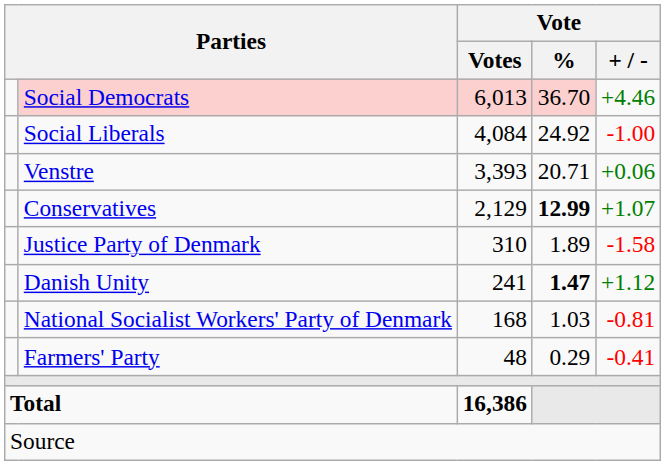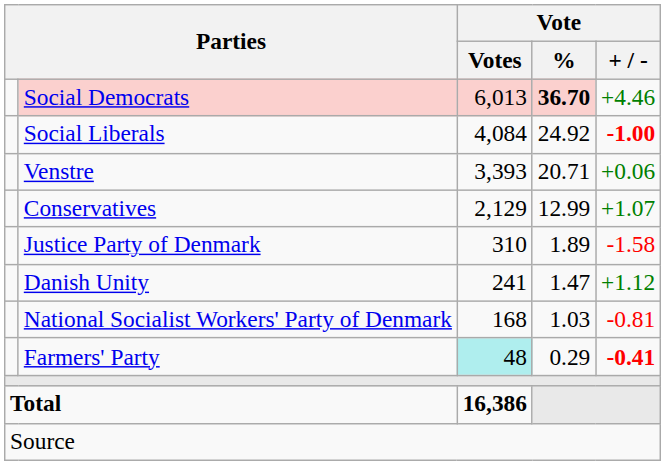 <table class="wikitable" style="text-align:right;">
 <tr>
 <th style="text-align:centre;" rowspan="2" colspan="2" width="225">Parties</th>
 <th colspan="3">Vote</th>
 </tr>
 <tr>
 <th width="15">Votes</th>
 <th width="15">%</th>
 <th width="15">+ / -</th>
 </tr>
 <tr>
 <td width="2" style="color:inherit;background:"></td>
 <td bgcolor=#fbd0ce  align="left"><a href='#'>Social Democrats</a></td>
 <td bgcolor=#fbd0ce>6,013</td>
-<td bgcolor=#fbd0ce>36.70</td>
+<td bgcolor=#fbd0ce><strong>36.70</strong></td>
 <td style=color:green;>+4.46</td>
 </tr>
 <tr>
 <td width="2" style="color:inherit;background:"></td>
 <td align="left"><a href='#'>Social Liberals</a></td>
 <td>4,084</td>
 <td>24.92</td>
-<td style=color:red;>-1.00</td>
+<td style=color:red;><strong>-1.00</strong></td>
 </tr>
 <tr>
 <td width="2" style="color:inherit;background:"></td>
 <td align="left"><a href='#'>Venstre</a></td>
 <td>3,393</td>
 <td>20.71</td>
 <td style=color:green;>+0.06</td>
 </tr>
 <tr>
 <td width="2" style="color:inherit;background:"></td>
 <td align="left"><a href='#'>Conservatives</a></td>
 <td>2,129</td>
-<td><strong>12.99</strong></td>
+<td>12.99</td>
 <td style=color:green;>+1.07</td>
 </tr>
 <tr>
 <td width="2" style="color:inherit;background:"></td>
 <td align="left"><a href='#'>Justice Party of Denmark</a></td>
 <td>310</td>
 <td>1.89</td>
 <td style=color:red;>-1.58</td>
 </tr>
 <tr>
 <td width="2" style="color:inherit;background:"></td>
 <td align="left"><a href='#'>Danish Unity</a></td>
 <td>241</td>
-<td><strong>1.47</strong></td>
+<td>1.47</td>
 <td style=color:green;>+1.12</td>
 </tr>
 <tr>
 <td width="2" style="color:inherit;background:"></td>
 <td align="left"><a href='#'>National Socialist Workers' Party of Denmark</a></td>
 <td>168</td>
 <td>1.03</td>
 <td style=color:red;>-0.81</td>
 </tr>
 <tr>
 <td width="2" style="color:inherit;background:"></td>
 <td align="left"><a href='#'>Farmers' Party</a></td>
-<td>48</td>
+<td style="background: paleturquoise;">48</td>
 <td>0.29</td>
-<td style=color:red;>-0.41</td>
+<td style=color:red;><strong>-0.41</strong></td>
 </tr>
 <tr>
 <td colspan="7" bgcolor="#E9E9E9"></td>
 </tr>
 <tr>
 <td align="left" colspan="2"><strong>Total</strong></td>
 <td><strong>16,386</strong></td>
 <td bgcolor="#E9E9E9" colspan="2"></td>
 </tr>
 <tr>
 <td align="left" colspan="6">Source</td>
 </tr>
 </table>
